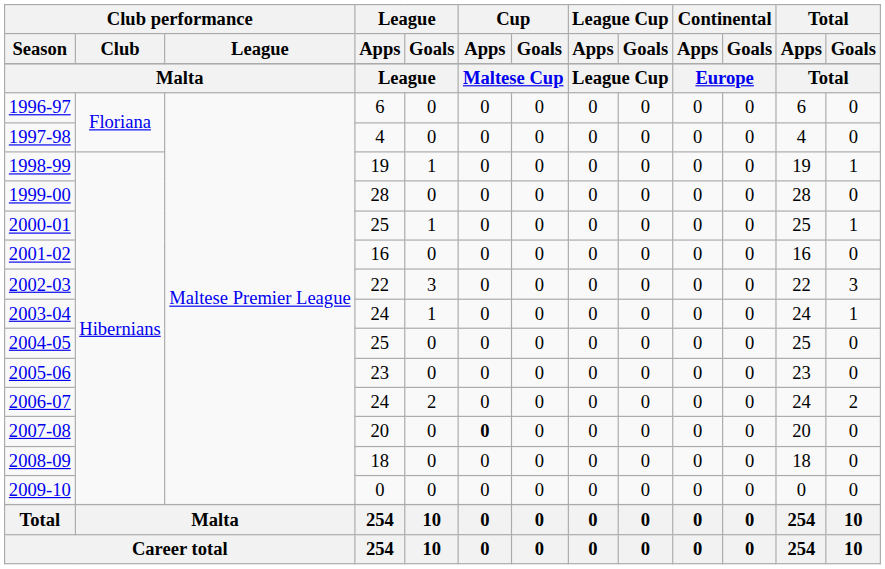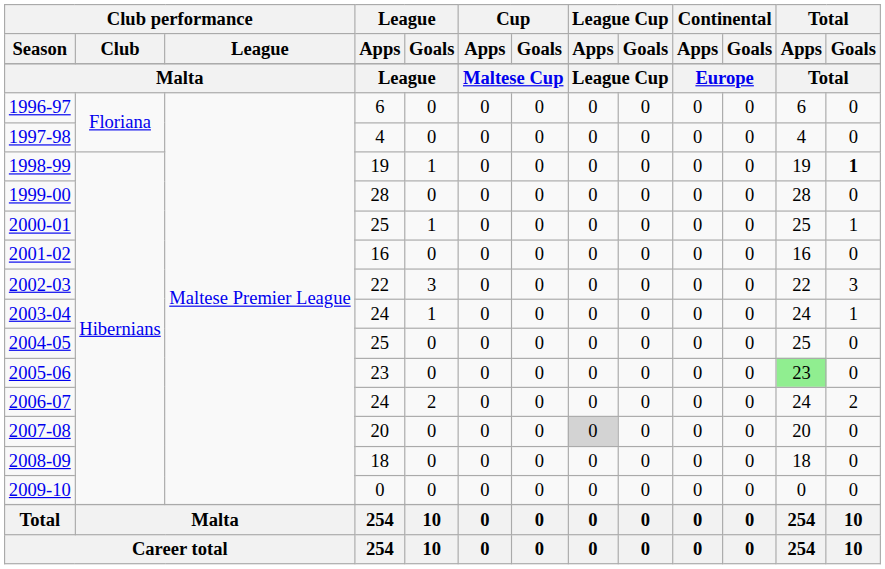 <table class="wikitable" style="text-align:center">
 <tr>
 <th colspan=3>Club performance</th>
 <th colspan=2>League</th>
 <th colspan=2>Cup</th>
 <th colspan=2>League Cup</th>
 <th colspan=2>Continental</th>
 <th colspan=2>Total</th>
 </tr>
 <tr>
 <th>Season</th>
 <th>Club</th>
 <th>League</th>
 <th>Apps</th>
 <th>Goals</th>
 <th>Apps</th>
 <th>Goals</th>
 <th>Apps</th>
 <th>Goals</th>
 <th>Apps</th>
 <th>Goals</th>
 <th>Apps</th>
 <th>Goals</th>
 </tr>
 <tr>
 </tr>
 <tr>
 <th colspan=3>Malta</th>
 <th colspan=2>League</th>
 <th colspan=2><a href='#'>Maltese Cup</a></th>
 <th colspan=2>League Cup</th>
 <th colspan=2><a href='#'>Europe</a></th>
 <th colspan=2>Total</th>
 </tr>
 <tr>
 <td><a href='#'>1996-97</a></td>
 <td rowspan="2"><a href='#'>Floriana</a></td>
 <td rowspan="14"><a href='#'>Maltese Premier League</a></td>
 <td>6</td>
 <td>0</td>
 <td>0</td>
 <td>0</td>
 <td>0</td>
 <td>0</td>
 <td>0</td>
 <td>0</td>
 <td>6</td>
 <td>0</td>
 </tr>
 <tr>
 <td><a href='#'>1997-98</a></td>
 <td>4</td>
 <td>0</td>
 <td>0</td>
 <td>0</td>
 <td>0</td>
 <td>0</td>
 <td>0</td>
 <td>0</td>
 <td>4</td>
 <td>0</td>
 </tr>
 <tr>
 <td><a href='#'>1998-99</a></td>
 <td rowspan="12"><a href='#'>Hibernians</a></td>
 <td>19</td>
 <td>1</td>
 <td>0</td>
 <td>0</td>
 <td>0</td>
 <td>0</td>
 <td>0</td>
 <td>0</td>
 <td>19</td>
-<td>1</td>
+<td><strong>1</strong></td>
 </tr>
 <tr>
 <td><a href='#'>1999-00</a></td>
 <td>28</td>
 <td>0</td>
 <td>0</td>
 <td>0</td>
 <td>0</td>
 <td>0</td>
 <td>0</td>
 <td>0</td>
 <td>28</td>
 <td>0</td>
 </tr>
 <tr>
 <td><a href='#'>2000-01</a></td>
 <td>25</td>
 <td>1</td>
 <td>0</td>
 <td>0</td>
 <td>0</td>
 <td>0</td>
 <td>0</td>
 <td>0</td>
 <td>25</td>
 <td>1</td>
 </tr>
 <tr>
 <td><a href='#'>2001-02</a></td>
 <td>16</td>
 <td>0</td>
 <td>0</td>
 <td>0</td>
 <td>0</td>
 <td>0</td>
 <td>0</td>
 <td>0</td>
 <td>16</td>
 <td>0</td>
 </tr>
 <tr>
 <td><a href='#'>2002-03</a></td>
 <td>22</td>
 <td>3</td>
 <td>0</td>
 <td>0</td>
 <td>0</td>
 <td>0</td>
 <td>0</td>
 <td>0</td>
 <td>22</td>
 <td>3</td>
 </tr>
 <tr>
 <td><a href='#'>2003-04</a></td>
 <td>24</td>
 <td>1</td>
 <td>0</td>
 <td>0</td>
 <td>0</td>
 <td>0</td>
 <td>0</td>
 <td>0</td>
 <td>24</td>
 <td>1</td>
 </tr>
 <tr>
 <td><a href='#'>2004-05</a></td>
 <td>25</td>
 <td>0</td>
 <td>0</td>
 <td>0</td>
 <td>0</td>
 <td>0</td>
 <td>0</td>
 <td>0</td>
 <td>25</td>
 <td>0</td>
 </tr>
 <tr>
 <td><a href='#'>2005-06</a></td>
 <td>23</td>
 <td>0</td>
 <td>0</td>
 <td>0</td>
 <td>0</td>
 <td>0</td>
 <td>0</td>
 <td>0</td>
-<td>23</td>
+<td style="background: lightgreen;">23</td>
 <td>0</td>
 </tr>
 <tr>
 <td><a href='#'>2006-07</a></td>
 <td>24</td>
 <td>2</td>
 <td>0</td>
 <td>0</td>
 <td>0</td>
 <td>0</td>
 <td>0</td>
 <td>0</td>
 <td>24</td>
 <td>2</td>
 </tr>
 <tr>
 <td><a href='#'>2007-08</a></td>
 <td>20</td>
 <td>0</td>
-<td><strong>0</strong></td>
 <td>0</td>
 <td>0</td>
+<td style="background: lightgrey;">0</td>
 <td>0</td>
 <td>0</td>
 <td>0</td>
 <td>20</td>
 <td>0</td>
 </tr>
 <tr>
 <td><a href='#'>2008-09</a></td>
 <td>18</td>
 <td>0</td>
 <td>0</td>
 <td>0</td>
 <td>0</td>
 <td>0</td>
 <td>0</td>
 <td>0</td>
 <td>18</td>
 <td>0</td>
 </tr>
 <tr>
 <td><a href='#'>2009-10</a></td>
 <td>0</td>
 <td>0</td>
 <td>0</td>
 <td>0</td>
 <td>0</td>
 <td>0</td>
 <td>0</td>
 <td>0</td>
 <td>0</td>
 <td>0</td>
 </tr>
 <tr>
 </tr>
 <tr>
 <th rowspan=1>Total</th>
 <th colspan=2>Malta</th>
 <th>254</th>
 <th>10</th>
 <th>0</th>
 <th>0</th>
 <th>0</th>
 <th>0</th>
 <th>0</th>
 <th>0</th>
 <th>254</th>
 <th>10</th>
 </tr>
 <tr>
 <th colspan=3>Career total</th>
 <th>254</th>
 <th>10</th>
 <th>0</th>
 <th>0</th>
 <th>0</th>
 <th>0</th>
 <th>0</th>
 <th>0</th>
 <th>254</th>
 <th>10</th>
 </tr>
 </table>
